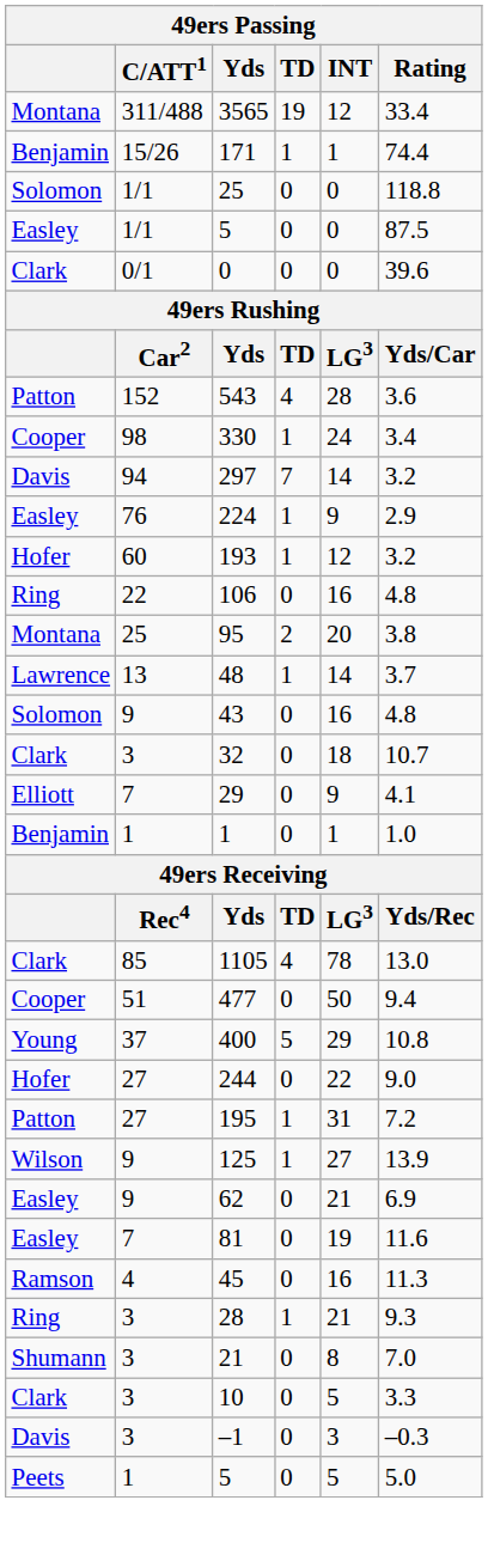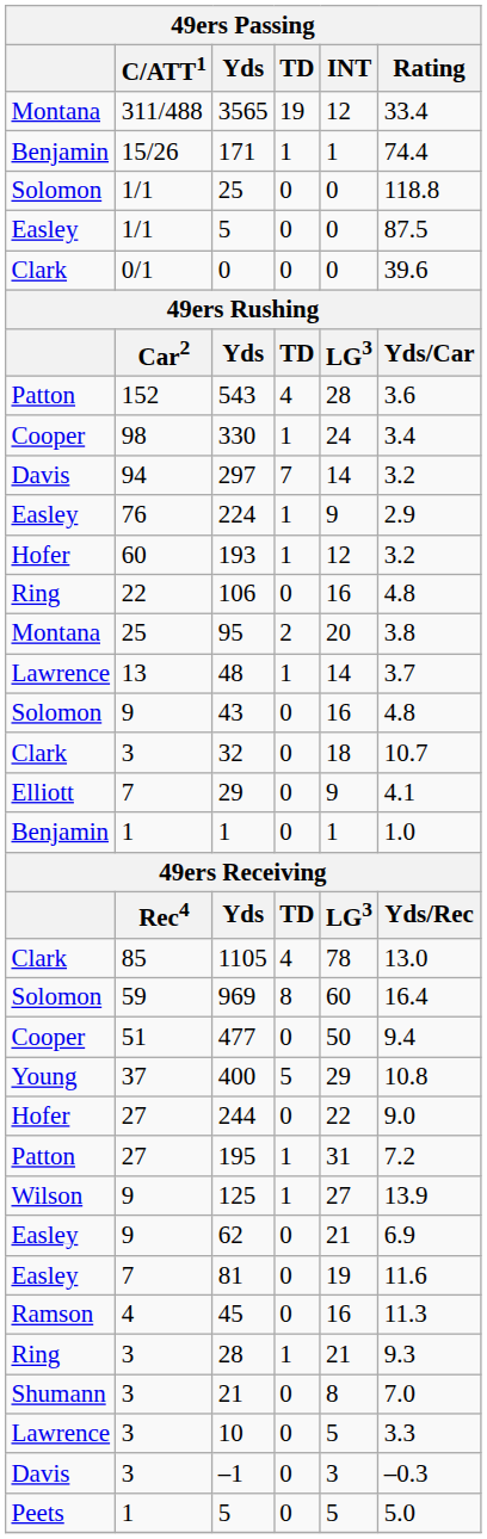 <table class="wikitable">
 <tr>
 <th colspan=6>49ers Passing</th>
 </tr>
 <tr>
 <th></th>
 <th>C/ATT<sup>1</sup></th>
 <th>Yds</th>
 <th>TD</th>
 <th>INT</th>
 <th>Rating</th>
 </tr>
 <tr>
 <td><a href='#'>Montana</a></td>
 <td>311/488</td>
 <td>3565</td>
 <td>19</td>
 <td>12</td>
 <td>33.4</td>
 </tr>
 <tr>
 <td><a href='#'>Benjamin</a></td>
 <td>15/26</td>
 <td>171</td>
 <td>1</td>
 <td>1</td>
 <td>74.4</td>
 </tr>
 <tr>
 <td><a href='#'>Solomon</a></td>
 <td>1/1</td>
 <td>25</td>
 <td>0</td>
 <td>0</td>
 <td>118.8</td>
 </tr>
 <tr>
 <td><a href='#'>Easley</a></td>
 <td>1/1</td>
 <td>5</td>
 <td>0</td>
 <td>0</td>
 <td>87.5</td>
 </tr>
 <tr>
 <td><a href='#'>Clark</a></td>
 <td>0/1</td>
 <td>0</td>
 <td>0</td>
 <td>0</td>
 <td>39.6</td>
 </tr>
 <tr>
 <th colspan=6>49ers Rushing</th>
 </tr>
 <tr>
 <th></th>
 <th>Car<sup>2</sup></th>
 <th>Yds</th>
 <th>TD</th>
 <th>LG<sup>3</sup></th>
 <th>Yds/Car</th>
 </tr>
 <tr>
 <td><a href='#'>Patton</a></td>
 <td>152</td>
 <td>543</td>
 <td>4</td>
 <td>28</td>
 <td>3.6</td>
 </tr>
 <tr>
 <td><a href='#'>Cooper</a></td>
 <td>98</td>
 <td>330</td>
 <td>1</td>
 <td>24</td>
 <td>3.4</td>
 </tr>
 <tr>
 <td><a href='#'>Davis</a></td>
 <td>94</td>
 <td>297</td>
 <td>7</td>
 <td>14</td>
 <td>3.2</td>
 </tr>
 <tr>
 <td><a href='#'>Easley</a></td>
 <td>76</td>
 <td>224</td>
 <td>1</td>
 <td>9</td>
 <td>2.9</td>
 </tr>
 <tr>
 <td><a href='#'>Hofer</a></td>
 <td>60</td>
 <td>193</td>
 <td>1</td>
 <td>12</td>
 <td>3.2</td>
 </tr>
 <tr>
 <td><a href='#'>Ring</a></td>
 <td>22</td>
 <td>106</td>
 <td>0</td>
 <td>16</td>
 <td>4.8</td>
 </tr>
 <tr>
 <td><a href='#'>Montana</a></td>
 <td>25</td>
 <td>95</td>
 <td>2</td>
 <td>20</td>
 <td>3.8</td>
 </tr>
 <tr>
 <td><a href='#'>Lawrence</a></td>
 <td>13</td>
 <td>48</td>
 <td>1</td>
 <td>14</td>
 <td>3.7</td>
 </tr>
 <tr>
 <td><a href='#'>Solomon</a></td>
 <td>9</td>
 <td>43</td>
 <td>0</td>
 <td>16</td>
 <td>4.8</td>
 </tr>
 <tr>
 <td><a href='#'>Clark</a></td>
 <td>3</td>
 <td>32</td>
 <td>0</td>
 <td>18</td>
 <td>10.7</td>
 </tr>
 <tr>
 <td><a href='#'>Elliott</a></td>
 <td>7</td>
 <td>29</td>
 <td>0</td>
 <td>9</td>
 <td>4.1</td>
 </tr>
 <tr>
 <td><a href='#'>Benjamin</a></td>
 <td>1</td>
 <td>1</td>
 <td>0</td>
 <td>1</td>
 <td>1.0</td>
 </tr>
 <tr>
 <th colspan=6>49ers Receiving</th>
 </tr>
 <tr>
 <th></th>
 <th>Rec<sup>4</sup></th>
 <th>Yds</th>
 <th>TD</th>
 <th>LG<sup>3</sup></th>
 <th>Yds/Rec</th>
 </tr>
 <tr>
 <td><a href='#'>Clark</a></td>
 <td>85</td>
 <td>1105</td>
 <td>4</td>
 <td>78</td>
 <td>13.0</td>
 </tr>
 <tr>
+<td><a href='#'>Solomon</a></td>
+<td>59</td>
+<td>969</td>
+<td>8</td>
+<td>60</td>
+<td>16.4</td>
+</tr>
+<tr>
 <td><a href='#'>Cooper</a></td>
 <td>51</td>
 <td>477</td>
 <td>0</td>
 <td>50</td>
 <td>9.4</td>
 </tr>
 <tr>
 <td><a href='#'>Young</a></td>
 <td>37</td>
 <td>400</td>
 <td>5</td>
 <td>29</td>
 <td>10.8</td>
 </tr>
 <tr>
 <td><a href='#'>Hofer</a></td>
 <td>27</td>
 <td>244</td>
 <td>0</td>
 <td>22</td>
 <td>9.0</td>
 </tr>
 <tr>
 <td><a href='#'>Patton</a></td>
 <td>27</td>
 <td>195</td>
 <td>1</td>
 <td>31</td>
 <td>7.2</td>
 </tr>
 <tr>
 <td><a href='#'>Wilson</a></td>
 <td>9</td>
 <td>125</td>
 <td>1</td>
 <td>27</td>
 <td>13.9</td>
 </tr>
 <tr>
 <td><a href='#'>Easley</a></td>
 <td>9</td>
 <td>62</td>
 <td>0</td>
 <td>21</td>
 <td>6.9</td>
 </tr>
 <tr>
 <td><a href='#'>Easley</a></td>
 <td>7</td>
 <td>81</td>
 <td>0</td>
 <td>19</td>
 <td>11.6</td>
 </tr>
 <tr>
 <td><a href='#'>Ramson</a></td>
 <td>4</td>
 <td>45</td>
 <td>0</td>
 <td>16</td>
 <td>11.3</td>
 </tr>
 <tr>
 <td><a href='#'>Ring</a></td>
 <td>3</td>
 <td>28</td>
 <td>1</td>
 <td>21</td>
 <td>9.3</td>
 </tr>
 <tr>
 <td><a href='#'>Shumann</a></td>
 <td>3</td>
 <td>21</td>
 <td>0</td>
 <td>8</td>
 <td>7.0</td>
 </tr>
 <tr>
-<td><a href='#'>Clark</a></td>
+<td><a href='#'>Lawrence</a></td>
 <td>3</td>
 <td>10</td>
 <td>0</td>
 <td>5</td>
 <td>3.3</td>
 </tr>
 <tr>
 <td><a href='#'>Davis</a></td>
 <td>3</td>
 <td>–1</td>
 <td>0</td>
 <td>3</td>
 <td>–0.3</td>
 </tr>
 <tr>
 <td><a href='#'>Peets</a></td>
 <td>1</td>
 <td>5</td>
 <td>0</td>
 <td>5</td>
 <td>5.0</td>
 </tr>
 <tr>
 </tr>
 </table>
